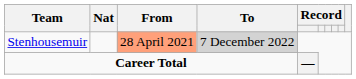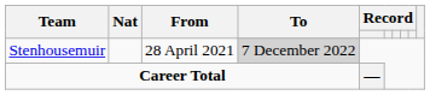 <table class="wikitable" style="text-align: center">
 <tr>
 <th rowspan="2">Team</th>
 <th rowspan="2">Nat</th>
 <th rowspan="2">From</th>
 <th rowspan="2">To</th>
 <th colspan="5">Record</th>
 <th rowspan=2></th>
 </tr>
 <tr>
 <th></th>
 <th></th>
 <th></th>
 <th></th>
 <th></th>
 </tr>
 <tr>
 <td align="left"><a href='#'>Stenhousemuir</a></td>
 <td align="center"></td>
-<td align="center" style="background: lightsalmon;">28 April 2021</td>
+<td align="center">28 April 2021</td>
 <td align="center" style="background: lightgrey;">7 December 2022<br></td>
 </tr>
 <tr>
 <td colspan=4><strong>Career Total</strong><br></td>
 <th>—</th>
 </tr>
 </table>
